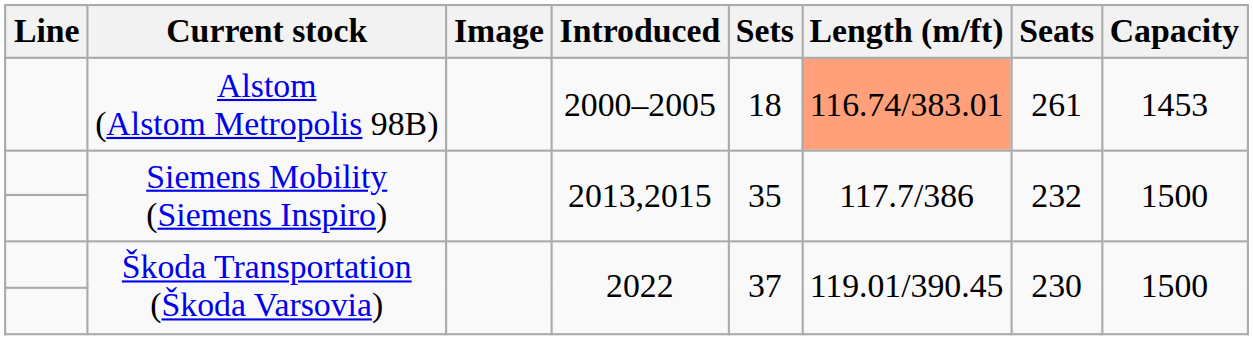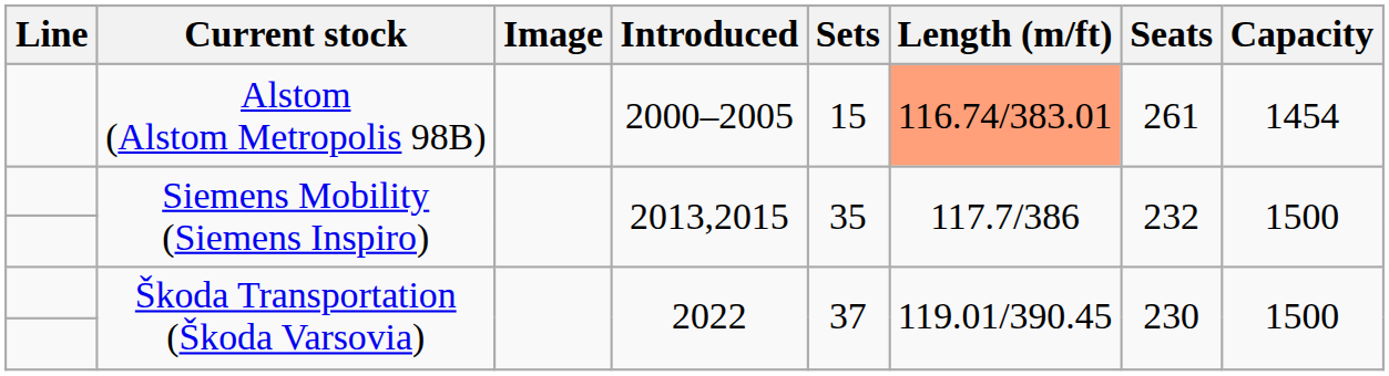 <table class="wikitable" style="margin: 0 auto; text-align:center;">
 <tr>
 <th>Line</th>
 <th>Current stock</th>
 <th>Image</th>
 <th>Introduced</th>
 <th>Sets</th>
 <th>Length (m/ft)</th>
 <th>Seats</th>
 <th>Capacity</th>
 </tr>
 <tr>
 <td style="background: #"></td>
 <td><a href='#'>Alstom</a><br>(<a href='#'>Alstom Metropolis</a> 98B)</td>
 <td></td>
 <td>2000–2005</td>
-<td>18</td>
+<td>15</td>
 <td style="background: lightsalmon;">116.74/383.01</td>
 <td>261</td>
-<td>1453</td>
+<td>1454</td>
 </tr>
 <tr>
 <td style="background: #"></td>
 <td rowspan="2"><a href='#'>Siemens Mobility</a><br>(<a href='#'>Siemens Inspiro</a>)</td>
 <td rowspan="2"></td>
 <td rowspan="2">2013,2015</td>
 <td rowspan="2">35</td>
 <td rowspan="2">117.7/386</td>
 <td rowspan="2">232</td>
 <td rowspan="2">1500</td>
 </tr>
 <tr>
 <td style="background: #"></td>
 </tr>
 <tr>
 <td style="background: #"></td>
 <td rowspan="2"><a href='#'>Škoda Transportation</a><br>(<a href='#'>Škoda Varsovia</a>)</td>
 <td rowspan="2"></td>
 <td rowspan="2">2022</td>
 <td rowspan="2">37</td>
 <td rowspan="2">119.01/390.45</td>
 <td rowspan="2">230</td>
 <td rowspan="2">1500</td>
 </tr>
 <tr>
 <td style="background: #"></td>
 </tr>
 </table>
